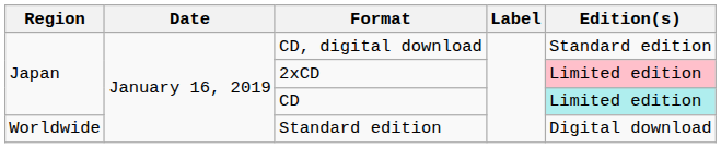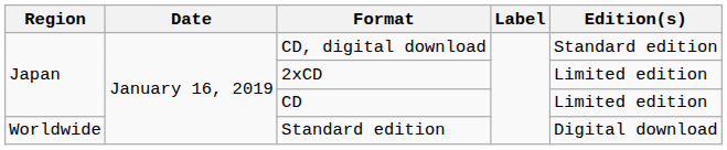 <table class="wikitable plainrowheaders">
 <tr>
 <th scope="col">Region</th>
 <th scope="col">Date</th>
 <th scope="col">Format</th>
 <th scope="col">Label</th>
 <th scope="col">Edition(s)</th>
 </tr>
 <tr>
 <td scope="row" rowspan="3">Japan</td>
 <td rowspan="4">January 16, 2019</td>
 <td>CD, digital download</td>
 <td rowspan="4"></td>
 <td>Standard edition</td>
 </tr>
 <tr>
 <td>2xCD</td>
-<td style="background: pink;">Limited edition</td>
+<td>Limited edition</td>
 </tr>
 <tr>
 <td>CD</td>
-<td style="background: paleturquoise;">Limited edition</td>
+<td>Limited edition</td>
 </tr>
 <tr>
 <td scope="row">Worldwide</td>
 <td>Standard edition</td>
 <td>Digital download</td>
 </tr>
 </table>
